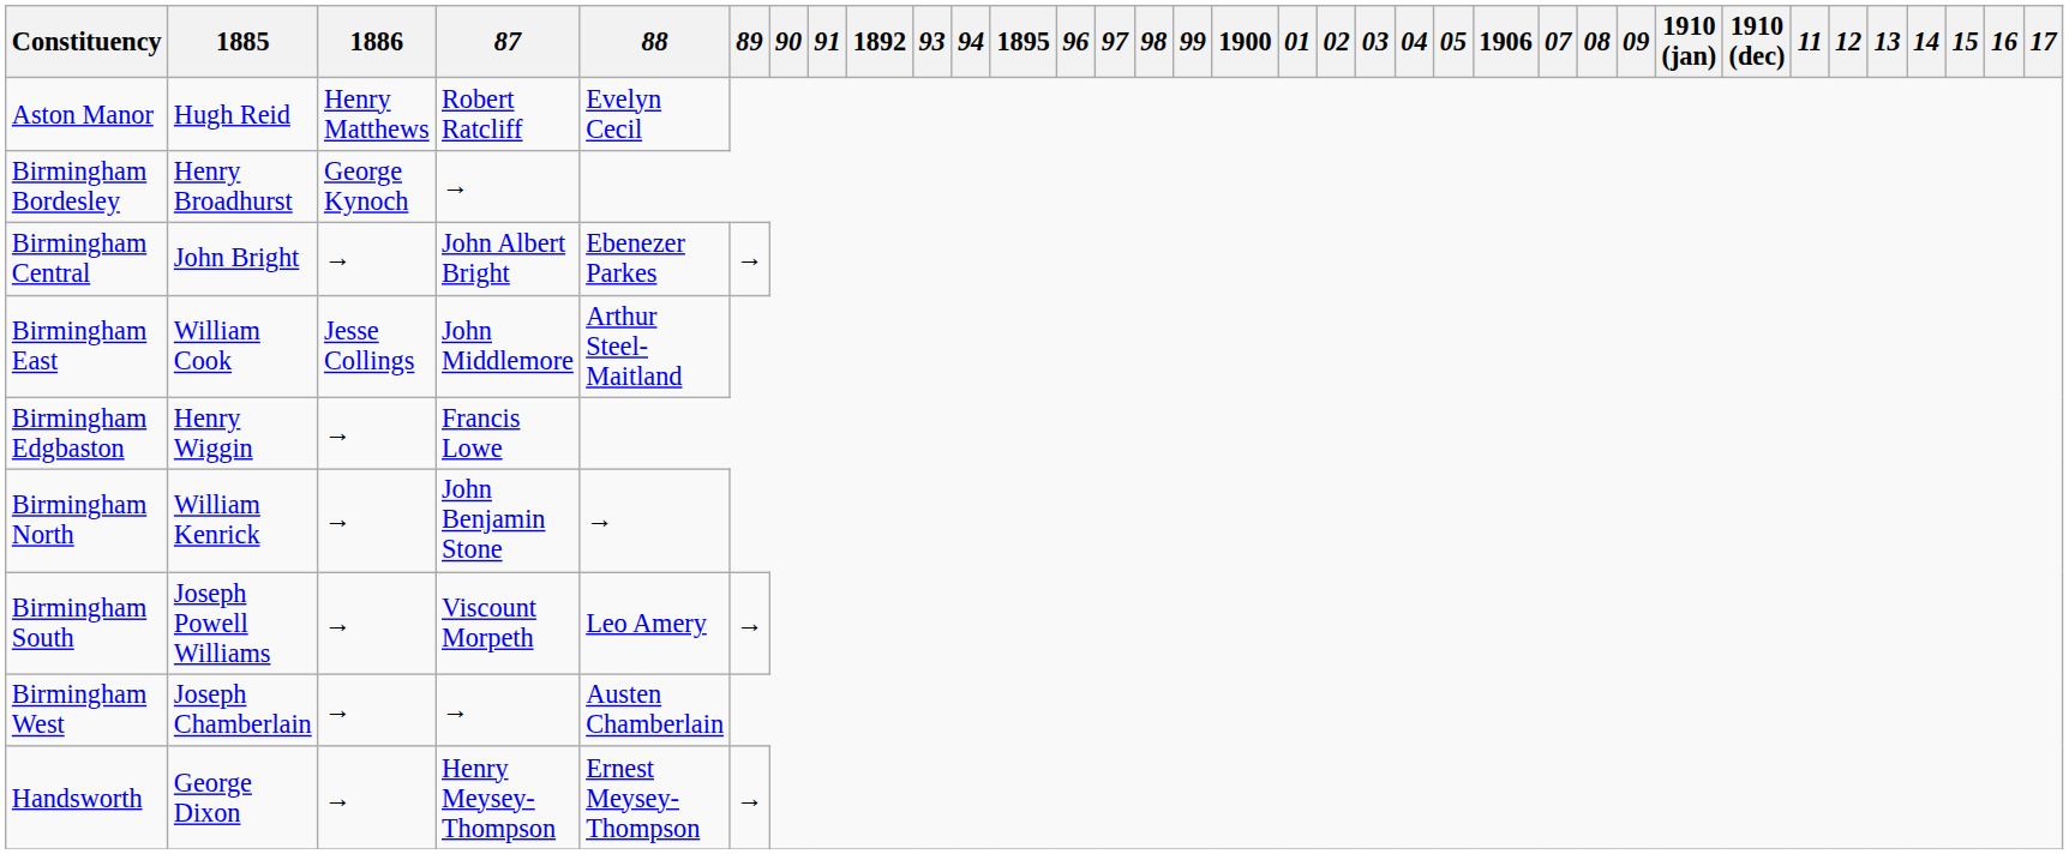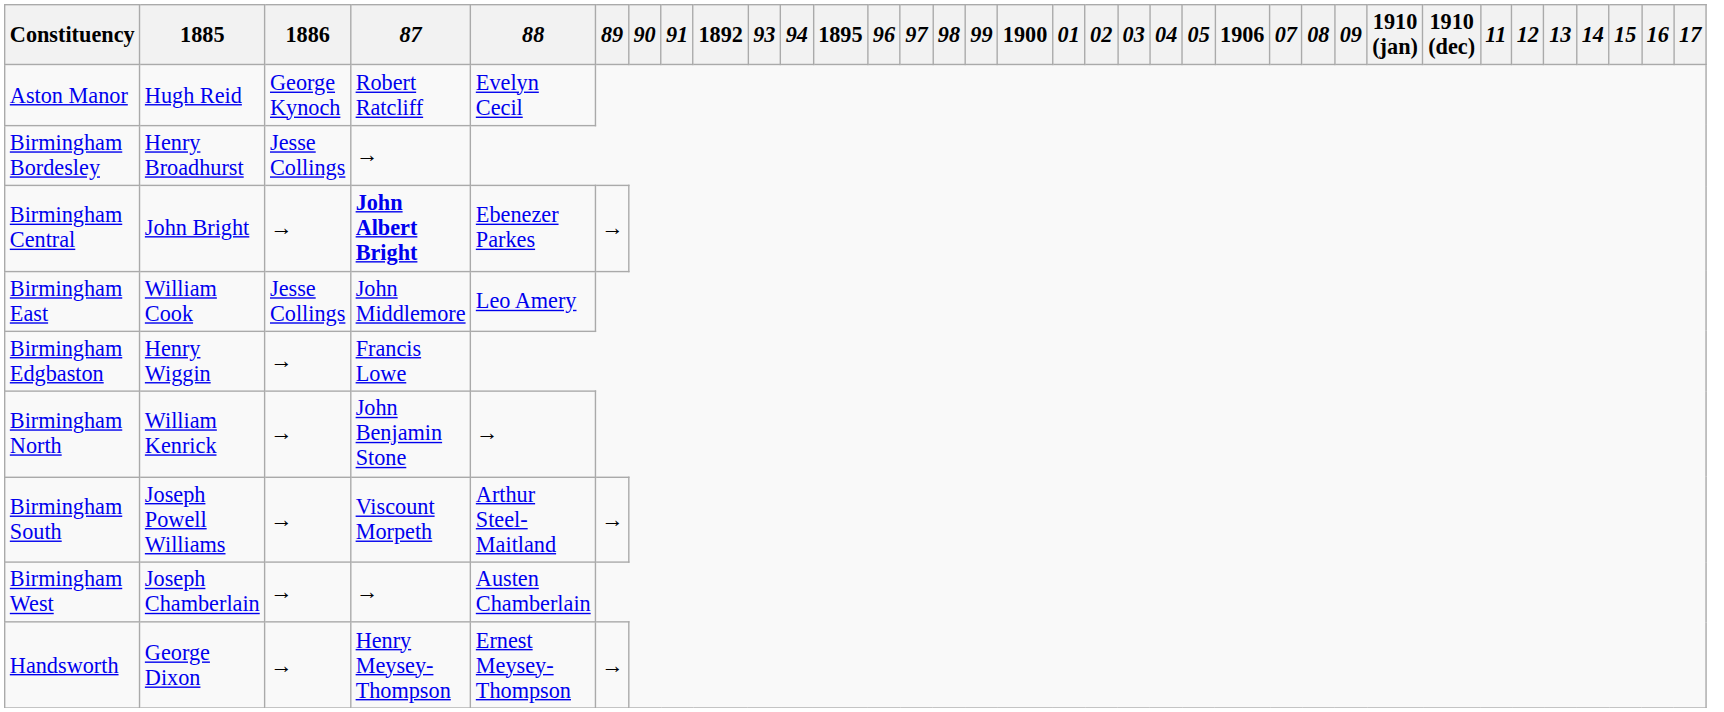 <table class="wikitable">
 <tr>
 <th>Constituency</th>
 <th>1885</th>
 <th>1886</th>
 <th><em>87</em></th>
 <th><em>88</em></th>
 <th><em>89</em></th>
 <th><em>90</em></th>
 <th><em>91</em></th>
 <th>1892</th>
 <th><em>93</em></th>
 <th><em>94</em></th>
 <th>1895</th>
 <th><em>96</em></th>
 <th><em>97</em></th>
 <th><em>98</em></th>
 <th><em>99</em></th>
 <th>1900</th>
 <th><em>01</em></th>
 <th><em>02</em></th>
 <th><em>03</em></th>
 <th><em>04</em></th>
 <th><em>05</em></th>
 <th>1906</th>
 <th><em>07</em></th>
 <th><em>08</em></th>
 <th><em>09</em></th>
 <th>1910 (jan)</th>
 <th>1910 (dec)</th>
 <th><em>11</em></th>
 <th><em>12</em></th>
 <th><em>13</em></th>
 <th><em>14</em></th>
 <th><em>15</em></th>
 <th><em>16</em></th>
 <th><em>17</em></th>
 </tr>
 <tr>
 <td><a href='#'>Aston Manor</a></td>
 <td><a href='#'>Hugh Reid</a></td>
-<td><a href='#'>Henry Matthews</a></td>
+<td><a href='#'>George Kynoch</a></td>
 <td><a href='#'>Robert Ratcliff</a></td>
 <td><a href='#'>Evelyn Cecil</a></td>
 </tr>
 <tr>
 <td><a href='#'>Birmingham Bordesley</a></td>
 <td><a href='#'>Henry Broadhurst</a></td>
-<td><a href='#'>George Kynoch</a></td>
+<td><a href='#'>Jesse Collings</a></td>
 <td>→</td>
 </tr>
 <tr>
 <td><a href='#'>Birmingham Central</a></td>
 <td><a href='#'>John Bright</a></td>
 <td>→</td>
-<td><a href='#'>John Albert Bright</a></td>
+<td><strong><a href='#'>John Albert Bright</a></strong></td>
 <td><a href='#'>Ebenezer Parkes</a></td>
 <td>→</td>
 </tr>
 <tr>
 <td><a href='#'>Birmingham East</a></td>
 <td><a href='#'>William Cook</a></td>
 <td><a href='#'>Jesse Collings</a></td>
 <td><a href='#'>John Middlemore</a></td>
-<td><a href='#'>Arthur Steel-Maitland</a></td>
+<td><a href='#'>Leo Amery</a></td>
 </tr>
 <tr>
 <td><a href='#'>Birmingham Edgbaston</a></td>
 <td><a href='#'>Henry Wiggin</a></td>
 <td>→</td>
 <td><a href='#'>Francis Lowe</a></td>
 </tr>
 <tr>
 <td><a href='#'>Birmingham North</a></td>
 <td><a href='#'>William Kenrick</a></td>
 <td>→</td>
 <td><a href='#'>John Benjamin Stone</a></td>
 <td>→</td>
 </tr>
 <tr>
 <td><a href='#'>Birmingham South</a></td>
 <td><a href='#'>Joseph Powell Williams</a></td>
 <td>→</td>
 <td><a href='#'>Viscount Morpeth</a></td>
-<td><a href='#'>Leo Amery</a></td>
+<td><a href='#'>Arthur Steel-Maitland</a></td>
 <td>→</td>
 </tr>
 <tr>
 <td><a href='#'>Birmingham West</a></td>
 <td><a href='#'>Joseph Chamberlain</a></td>
 <td>→</td>
 <td>→</td>
 <td><a href='#'>Austen Chamberlain</a></td>
 </tr>
 <tr>
 <td><a href='#'>Handsworth</a></td>
 <td><a href='#'>George Dixon</a></td>
 <td>→</td>
 <td><a href='#'>Henry Meysey-Thompson</a></td>
 <td><a href='#'>Ernest Meysey-Thompson</a></td>
 <td>→</td>
 </tr>
 </table>
